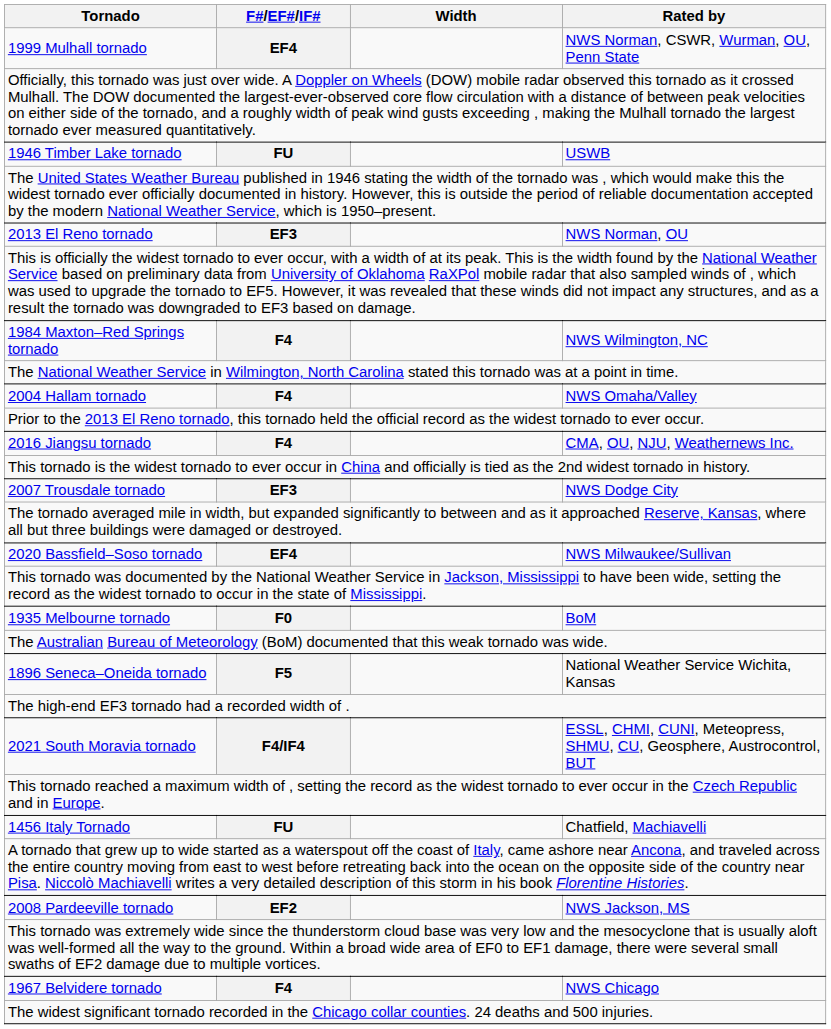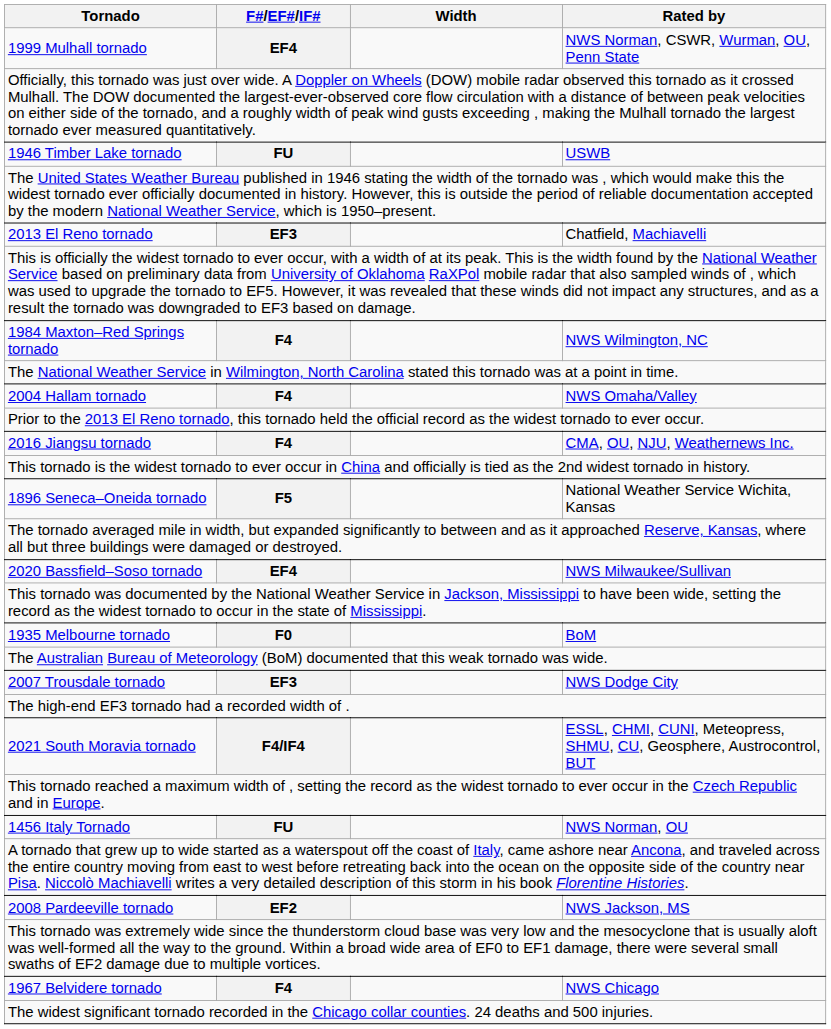 <table class="wikitable sortable" style="width:100%;">
 <tr>
 <th scope="col" width="10%" align="center">Tornado</th>
 <th scope="col" width="4%" align="center"><a href='#'>F#</a><strong>/</strong><a href='#'>EF#</a><strong>/</strong><a href='#'>IF#</a></th>
 <th scope="col" width="10%" align="center">Width</th>
 <th scope="col" width="10%" align="center">Rated by</th>
 </tr>
 <tr>
 <td><a href='#'>1999 Mulhall tornado</a></td>
 <th style="background-color:#">EF4</th>
 <td></td>
 <td><a href='#'>NWS Norman</a>, CSWR, <a href='#'>Wurman</a>, <a href='#'>OU</a>, <a href='#'>Penn State</a></td>
 </tr>
 <tr class="expand-child">
 <td colspan="4" style=" border-bottom: 1px solid black;">Officially, this tornado was just over  wide. A <a href='#'>Doppler on Wheels</a> (DOW) mobile radar observed this tornado as it crossed Mulhall. The DOW documented the largest-ever-observed core flow circulation with a distance of  between peak velocities on either side of the tornado, and a roughly  width of peak wind gusts exceeding , making the Mulhall tornado the largest tornado ever measured quantitatively.</td>
 </tr>
 <tr>
 <td><a href='#'>1946 Timber Lake tornado</a></td>
 <th style="background-color:#">FU</th>
 <td></td>
 <td><a href='#'>USWB</a></td>
 </tr>
 <tr class="expand-child">
 <td colspan="4" style=" border-bottom: 1px solid black;">The <a href='#'>United States Weather Bureau</a> published in 1946 stating the width of the tornado was , which would make this the widest tornado ever officially documented in history. However, this is outside the period of reliable documentation accepted by the modern <a href='#'>National Weather Service</a>, which is 1950–present.</td>
 </tr>
 <tr>
 <td><a href='#'>2013 El Reno tornado</a></td>
 <th style="background-color:#">EF3</th>
 <td></td>
-<td><a href='#'>NWS Norman</a>, <a href='#'>OU</a></td>
+<td>Chatfield, <a href='#'>Machiavelli</a></td>
 </tr>
 <tr class="expand-child">
 <td colspan="4" style=" border-bottom: 1px solid black;">This is officially the widest tornado to ever occur, with a width of  at its peak. This is the width found by the <a href='#'>National Weather Service</a> based on preliminary data from <a href='#'>University of Oklahoma</a> <a href='#'>RaXPol</a> mobile radar that also sampled winds of , which was used to upgrade the tornado to EF5. However, it was revealed that these winds did not impact any structures, and as a result the tornado was downgraded to EF3 based on damage.</td>
 </tr>
 <tr>
 <td><a href='#'>1984 Maxton–Red Springs tornado</a></td>
 <th style="background-color:#">F4</th>
 <td></td>
 <td><a href='#'>NWS Wilmington, NC</a></td>
 </tr>
 <tr class="expand-child">
 <td colspan="4" style=" border-bottom: 1px solid black;">The <a href='#'>National Weather Service</a> in <a href='#'>Wilmington, North Carolina</a> stated this tornado was  at a point in time.</td>
 </tr>
 <tr>
 <td><a href='#'>2004 Hallam tornado</a></td>
 <th style="background-color:#">F4</th>
 <td></td>
 <td><a href='#'>NWS Omaha/Valley</a></td>
 </tr>
 <tr class="expand-child">
 <td colspan="4" style=" border-bottom: 1px solid black;">Prior to the <a href='#'>2013 El Reno tornado</a>, this tornado held the official record as the widest tornado to ever occur.</td>
 </tr>
 <tr>
 <td><a href='#'>2016 Jiangsu tornado</a></td>
 <th style="background-color:#">F4</th>
 <td></td>
 <td><a href='#'>CMA</a>, <a href='#'>OU</a>, <a href='#'>NJU</a>, <a href='#'>Weathernews Inc.</a></td>
 </tr>
 <tr class="expand-child">
 <td colspan="4" style=" border-bottom: 1px solid black;">This tornado is the widest tornado to ever occur in <a href='#'>China</a> and officially is tied as the 2nd widest tornado in history.</td>
 </tr>
 <tr>
-<td><a href='#'>2007 Trousdale tornado</a></td>
-<th style="background-color:#">EF3</th>
+<td><a href='#'>1896 Seneca–Oneida tornado</a></td>
+<th style="background-color:#">F5</th>
 <td></td>
-<td><a href='#'>NWS Dodge City</a></td>
+<td>National Weather Service Wichita, Kansas</td>
 </tr>
 <tr class="expand-child">
 <td colspan="4" style=" border-bottom: 1px solid black;">The tornado averaged  mile in width, but expanded significantly to between  and  as it approached <a href='#'>Reserve, Kansas</a>, where all but three buildings were damaged or destroyed.</td>
 </tr>
 <tr>
 <td><a href='#'>2020 Bassfield–Soso tornado</a></td>
 <th style="background-color:#">EF4</th>
 <td></td>
 <td><a href='#'>NWS Milwaukee/Sullivan</a></td>
 </tr>
 <tr class="expand-child">
 <td colspan="4" style=" border-bottom: 1px solid black;">This tornado was documented by the National Weather Service in <a href='#'>Jackson, Mississippi</a> to have been  wide, setting the record as the widest tornado to occur in the state of <a href='#'>Mississippi</a>.</td>
 </tr>
 <tr>
 <td><a href='#'>1935 Melbourne tornado</a></td>
 <th style="background-color:#">F0</th>
 <td></td>
 <td><a href='#'>BoM</a></td>
 </tr>
 <tr class="expand-child">
 <td colspan="4" style=" border-bottom: 1px solid black;">The <a href='#'>Australian</a> <a href='#'>Bureau of Meteorology</a> (BoM) documented that this weak tornado was  wide.</td>
 </tr>
 <tr>
-<td><a href='#'>1896 Seneca–Oneida tornado</a></td>
-<th style="background-color:#">F5</th>
+<td><a href='#'>2007 Trousdale tornado</a></td>
+<th style="background-color:#">EF3</th>
 <td></td>
-<td>National Weather Service Wichita, Kansas</td>
+<td><a href='#'>NWS Dodge City</a></td>
 </tr>
 <tr class="expand-child">
 <td colspan="4" style=" border-bottom: 1px solid black;">The high-end EF3 tornado had a recorded width of .</td>
 </tr>
 <tr>
 <td><a href='#'>2021 South Moravia tornado</a></td>
 <th style="background-color:#">F4/IF4</th>
 <td></td>
 <td><a href='#'>ESSL</a>, <a href='#'>CHMI</a>, <a href='#'>CUNI</a>, Meteopress, <a href='#'>SHMU</a>, <a href='#'>CU</a>, Geosphere, Austrocontrol, <a href='#'>BUT</a></td>
 </tr>
 <tr class="expand-child">
 <td colspan="4" style=" border-bottom: 1px solid black;">This tornado reached a maximum width of , setting the record as the widest tornado to ever occur in the <a href='#'>Czech Republic</a> and in <a href='#'>Europe</a>.</td>
 </tr>
 <tr>
 <td><a href='#'>1456 Italy Tornado</a></td>
 <th style="background-color:#">FU</th>
 <td></td>
-<td>Chatfield, <a href='#'>Machiavelli</a></td>
+<td><a href='#'>NWS Norman</a>, <a href='#'>OU</a></td>
 </tr>
 <tr class="expand-child">
 <td colspan="4" style=" border-bottom: 1px solid black;">A tornado that grew up to  wide started as a waterspout off the coast of <a href='#'>Italy</a>, came ashore near <a href='#'>Ancona</a>, and traveled across the entire country moving from east to west before retreating back into the ocean on the opposite side of the country near <a href='#'>Pisa</a>. <a href='#'>Niccolò Machiavelli</a> writes a very detailed description of this storm in his book <em><a href='#'>Florentine Histories</a></em>.</td>
 </tr>
 <tr>
 <td><a href='#'>2008 Pardeeville tornado</a></td>
 <th style="background-color:#">EF2</th>
 <td></td>
 <td><a href='#'>NWS Jackson, MS</a></td>
 </tr>
 <tr class="expand-child">
 <td colspan="4" style=" border-bottom: 1px solid black;">This tornado was extremely wide since the thunderstorm cloud base was very low and the mesocyclone that is usually aloft was well-formed all the way to the ground. Within a broad  wide area of EF0 to EF1 damage, there were several small swaths of EF2 damage due to multiple vortices.</td>
 </tr>
 <tr>
 <td><a href='#'>1967 Belvidere tornado</a></td>
 <th style="background-color:#">F4</th>
 <td></td>
 <td><a href='#'>NWS Chicago</a></td>
 </tr>
 <tr class="expand-child">
 <td colspan="4" style=" border-bottom: 1px solid black;">The widest significant tornado recorded in the <a href='#'>Chicago collar counties</a>. 24 deaths and 500 injuries.</td>
 </tr>
 </table>
